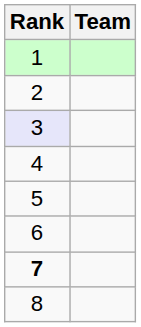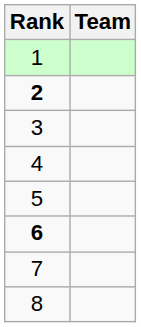 <table class=wikitable style="text-align:center;">
 <tr>
 <th>Rank</th>
 <th>Team</th>
 </tr>
 <tr style="background:#CCFFCC;">
 <td>1</td>
 <td align=left></td>
 </tr>
 <tr>
-<td>2</td>
+<td><strong>2</strong></td>
 <td align=left></td>
 </tr>
 <tr>
-<td style="background: lavender;">3</td>
+<td>3</td>
 <td align=left></td>
 </tr>
 <tr>
 <td>4</td>
 <td align=left></td>
 </tr>
 <tr>
 <td>5</td>
 <td align=left></td>
 </tr>
 <tr>
-<td>6</td>
+<td><strong>6</strong></td>
 <td align=left></td>
 </tr>
 <tr>
-<td><strong>7</strong></td>
+<td>7</td>
 <td align=left></td>
 </tr>
 <tr>
 <td>8</td>
 <td align=left></td>
 </tr>
 </table>
